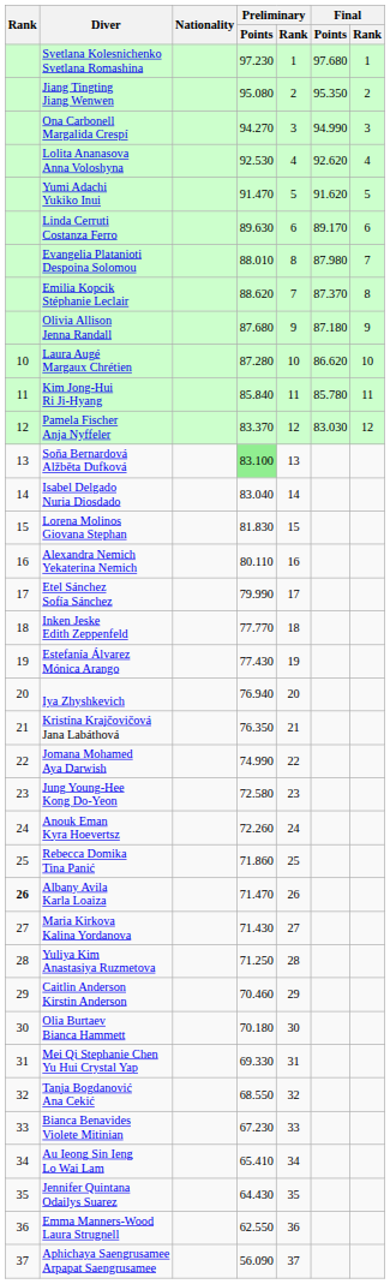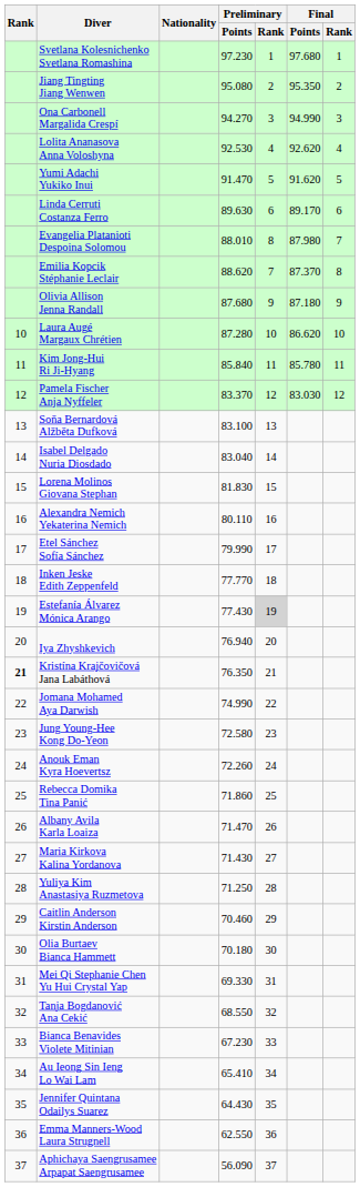 <table class="wikitable sortable" style="text-align:center">
 <tr>
 <th rowspan="2">Rank</th>
 <th rowspan="2">Diver</th>
 <th rowspan="2">Nationality</th>
 <th colspan="2">Preliminary</th>
 <th colspan="2">Final</th>
 </tr>
 <tr>
 <th>Points</th>
 <th>Rank</th>
 <th>Points</th>
 <th>Rank</th>
 </tr>
 <tr bgcolor=ccffcc>
 <td></td>
 <td align=left><a href='#'>Svetlana Kolesnichenko</a><br><a href='#'>Svetlana Romashina</a></td>
 <td align=left></td>
 <td>97.230</td>
 <td>1</td>
 <td>97.680</td>
 <td>1</td>
 </tr>
 <tr bgcolor=ccffcc>
 <td></td>
 <td align=left><a href='#'>Jiang Tingting</a><br><a href='#'>Jiang Wenwen</a></td>
 <td align=left></td>
 <td>95.080</td>
 <td>2</td>
 <td>95.350</td>
 <td>2</td>
 </tr>
 <tr bgcolor=ccffcc>
 <td></td>
 <td align=left><a href='#'>Ona Carbonell</a><br><a href='#'>Margalida Crespí</a></td>
 <td align=left></td>
 <td>94.270</td>
 <td>3</td>
 <td>94.990</td>
 <td>3</td>
 </tr>
 <tr bgcolor=ccffcc>
 <td></td>
 <td align=left><a href='#'>Lolita Ananasova</a><br><a href='#'>Anna Voloshyna</a></td>
 <td align=left></td>
 <td>92.530</td>
 <td>4</td>
 <td>92.620</td>
 <td>4</td>
 </tr>
 <tr bgcolor=ccffcc>
 <td></td>
 <td align=left><a href='#'>Yumi Adachi</a><br><a href='#'>Yukiko Inui</a></td>
 <td align=left></td>
 <td>91.470</td>
 <td>5</td>
 <td>91.620</td>
 <td>5</td>
 </tr>
 <tr bgcolor=ccffcc>
 <td></td>
 <td align=left><a href='#'>Linda Cerruti</a><br><a href='#'>Costanza Ferro</a></td>
 <td align=left></td>
 <td>89.630</td>
 <td>6</td>
 <td>89.170</td>
 <td>6</td>
 </tr>
 <tr bgcolor=ccffcc>
 <td></td>
 <td align=left><a href='#'>Evangelia Platanioti</a><br><a href='#'>Despoina Solomou</a></td>
 <td align=left></td>
 <td>88.010</td>
 <td>8</td>
 <td>87.980</td>
 <td>7</td>
 </tr>
 <tr bgcolor=ccffcc>
 <td></td>
 <td align=left><a href='#'>Emilia Kopcik</a><br><a href='#'>Stéphanie Leclair</a></td>
 <td align=left></td>
 <td>88.620</td>
 <td>7</td>
 <td>87.370</td>
 <td>8</td>
 </tr>
 <tr bgcolor=ccffcc>
 <td></td>
 <td align=left><a href='#'>Olivia Allison</a><br><a href='#'>Jenna Randall</a></td>
 <td align=left></td>
 <td>87.680</td>
 <td>9</td>
 <td>87.180</td>
 <td>9</td>
 </tr>
 <tr bgcolor=ccffcc>
 <td>10</td>
 <td align=left><a href='#'>Laura Augé</a><br><a href='#'>Margaux Chrétien</a></td>
 <td align=left></td>
 <td>87.280</td>
 <td>10</td>
 <td>86.620</td>
 <td>10</td>
 </tr>
 <tr bgcolor=ccffcc>
 <td>11</td>
 <td align=left><a href='#'>Kim Jong-Hui</a><br><a href='#'>Ri Ji-Hyang</a></td>
 <td align=left></td>
 <td>85.840</td>
 <td>11</td>
 <td>85.780</td>
 <td>11</td>
 </tr>
 <tr bgcolor=ccffcc>
 <td>12</td>
 <td align=left><a href='#'>Pamela Fischer</a><br><a href='#'>Anja Nyffeler</a></td>
 <td align=left></td>
 <td>83.370</td>
 <td>12</td>
 <td>83.030</td>
 <td>12</td>
 </tr>
 <tr>
 <td>13</td>
 <td align=left><a href='#'>Soňa Bernardová</a><br><a href='#'>Alžběta Dufková</a></td>
 <td align=left></td>
-<td style="background: lightgreen;">83.100</td>
+<td>83.100</td>
 <td>13</td>
 <td></td>
 <td></td>
 </tr>
 <tr>
 <td>14</td>
 <td align=left><a href='#'>Isabel Delgado</a><br><a href='#'>Nuria Diosdado</a></td>
 <td align=left></td>
 <td>83.040</td>
 <td>14</td>
 <td></td>
 <td></td>
 </tr>
 <tr>
 <td>15</td>
 <td align=left><a href='#'>Lorena Molinos</a><br><a href='#'>Giovana Stephan</a></td>
 <td align=left></td>
 <td>81.830</td>
 <td>15</td>
 <td></td>
 <td></td>
 </tr>
 <tr>
 <td>16</td>
 <td align=left><a href='#'>Alexandra Nemich</a><br><a href='#'>Yekaterina Nemich</a></td>
 <td align=left></td>
 <td>80.110</td>
 <td>16</td>
 <td></td>
 <td></td>
 </tr>
 <tr>
 <td>17</td>
 <td align=left><a href='#'>Etel Sánchez</a><br><a href='#'>Sofía Sánchez</a></td>
 <td align=left></td>
 <td>79.990</td>
 <td>17</td>
 <td></td>
 <td></td>
 </tr>
 <tr>
 <td>18</td>
 <td align=left><a href='#'>Inken Jeske</a><br><a href='#'>Edith Zeppenfeld</a></td>
 <td align=left></td>
 <td>77.770</td>
 <td>18</td>
 <td></td>
 <td></td>
 </tr>
 <tr>
 <td>19</td>
 <td align=left><a href='#'>Estefanía Álvarez</a><br><a href='#'>Mónica Arango</a></td>
 <td align=left></td>
 <td>77.430</td>
-<td>19</td>
+<td style="background: lightgrey;">19</td>
 <td></td>
 <td></td>
 </tr>
 <tr>
 <td>20</td>
 <td align=left><br><a href='#'>Iya Zhyshkevich</a></td>
 <td align=left></td>
 <td>76.940</td>
 <td>20</td>
 <td></td>
 <td></td>
 </tr>
 <tr>
-<td>21</td>
+<td><strong>21</strong></td>
 <td align=left><a href='#'>Kristína Krajčovičová</a><br>Jana Labáthová</td>
 <td align=left></td>
 <td>76.350</td>
 <td>21</td>
 <td></td>
 <td></td>
 </tr>
 <tr>
 <td>22</td>
 <td align=left><a href='#'>Jomana Mohamed</a><br><a href='#'>Aya Darwish</a></td>
 <td align=left></td>
 <td>74.990</td>
 <td>22</td>
 <td></td>
 <td></td>
 </tr>
 <tr>
 <td>23</td>
 <td align=left><a href='#'>Jung Young-Hee</a><br><a href='#'>Kong Do-Yeon</a></td>
 <td align=left></td>
 <td>72.580</td>
 <td>23</td>
 <td></td>
 <td></td>
 </tr>
 <tr>
 <td>24</td>
 <td align=left><a href='#'>Anouk Eman</a><br><a href='#'>Kyra Hoevertsz</a></td>
 <td align=left></td>
 <td>72.260</td>
 <td>24</td>
 <td></td>
 <td></td>
 </tr>
 <tr>
 <td>25</td>
 <td align=left><a href='#'>Rebecca Domika</a><br><a href='#'>Tina Panić</a></td>
 <td align=left></td>
 <td>71.860</td>
 <td>25</td>
 <td></td>
 <td></td>
 </tr>
 <tr>
-<td><strong>26</strong></td>
+<td>26</td>
 <td align=left><a href='#'>Albany Avila</a><br><a href='#'>Karla Loaiza</a></td>
 <td align=left></td>
 <td>71.470</td>
 <td>26</td>
 <td></td>
 <td></td>
 </tr>
 <tr>
 <td>27</td>
 <td align=left><a href='#'>Maria Kirkova</a><br><a href='#'>Kalina Yordanova</a></td>
 <td align=left></td>
 <td>71.430</td>
 <td>27</td>
 <td></td>
 <td></td>
 </tr>
 <tr>
 <td>28</td>
 <td align=left><a href='#'>Yuliya Kim</a><br><a href='#'>Anastasiya Ruzmetova</a></td>
 <td align=left></td>
 <td>71.250</td>
 <td>28</td>
 <td></td>
 <td></td>
 </tr>
 <tr>
 <td>29</td>
 <td align=left><a href='#'>Caitlin Anderson</a><br><a href='#'>Kirstin Anderson</a></td>
 <td align=left></td>
 <td>70.460</td>
 <td>29</td>
 <td></td>
 <td></td>
 </tr>
 <tr>
 <td>30</td>
 <td align=left><a href='#'>Olia Burtaev</a><br><a href='#'>Bianca Hammett</a></td>
 <td align=left></td>
 <td>70.180</td>
 <td>30</td>
 <td></td>
 <td></td>
 </tr>
 <tr>
 <td>31</td>
 <td align=left><a href='#'>Mei Qi Stephanie Chen</a><br><a href='#'>Yu Hui Crystal Yap</a></td>
 <td align=left></td>
 <td>69.330</td>
 <td>31</td>
 <td></td>
 <td></td>
 </tr>
 <tr>
 <td>32</td>
 <td align=left><a href='#'>Tanja Bogdanović</a><br><a href='#'>Ana Cekić</a></td>
 <td align=left></td>
 <td>68.550</td>
 <td>32</td>
 <td></td>
 <td></td>
 </tr>
 <tr>
 <td>33</td>
 <td align=left><a href='#'>Bianca Benavides</a><br><a href='#'>Violete Mitinian</a></td>
 <td align=left></td>
 <td>67.230</td>
 <td>33</td>
 <td></td>
 <td></td>
 </tr>
 <tr>
 <td>34</td>
 <td align=left><a href='#'>Au Ieong Sin Ieng</a><br><a href='#'>Lo Wai Lam</a></td>
 <td align=left></td>
 <td>65.410</td>
 <td>34</td>
 <td></td>
 <td></td>
 </tr>
 <tr>
 <td>35</td>
 <td align=left><a href='#'>Jennifer Quintana</a><br><a href='#'>Odailys Suarez</a></td>
 <td align=left></td>
 <td>64.430</td>
 <td>35</td>
 <td></td>
 <td></td>
 </tr>
 <tr>
 <td>36</td>
 <td align=left><a href='#'>Emma Manners-Wood</a><br><a href='#'>Laura Strugnell</a></td>
 <td align=left></td>
 <td>62.550</td>
 <td>36</td>
 <td></td>
 <td></td>
 </tr>
 <tr>
 <td>37</td>
 <td align=left><a href='#'>Aphichaya Saengrusamee</a><br><a href='#'>Arpapat Saengrusamee</a></td>
 <td align=left></td>
 <td>56.090</td>
 <td>37</td>
 <td></td>
 <td></td>
 </tr>
 </table>
